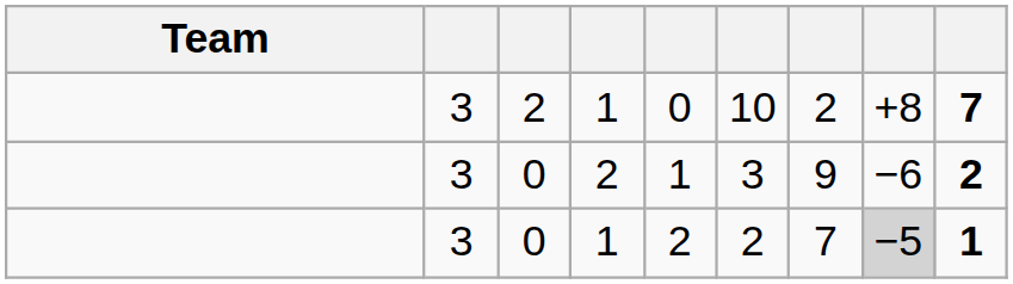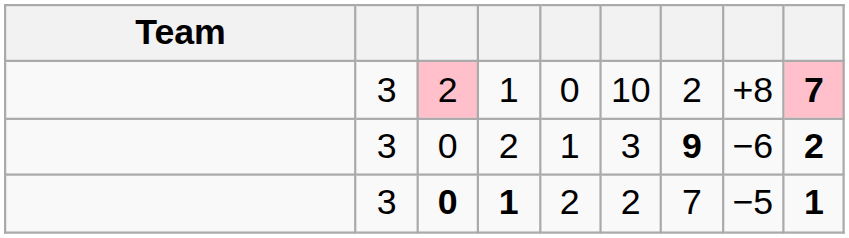 <table class="wikitable" style="text-align:center;">
 <tr>
 <th width=150>Team</th>
 <th width=20 abbr="Played"></th>
 <th width=20 abbr="Won"></th>
 <th width=20 abbr="Drawn"></th>
 <th width=20 abbr="Lost"></th>
 <th width=20 abbr="Goals for"></th>
 <th width=20 abbr="Goals against"></th>
 <th width=20 abbr="Goal difference"></th>
 <th width=20 abbr="Points"></th>
 </tr>
 <tr>
 <td align="left"></td>
 <td>3</td>
-<td>2</td>
+<td style="background: pink;">2</td>
 <td>1</td>
 <td>0</td>
 <td>10</td>
 <td>2</td>
 <td>+8</td>
-<td><strong>7</strong></td>
+<td style="background: pink;"><strong>7</strong></td>
 </tr>
 <tr>
 <td align="left"></td>
 <td>3</td>
 <td>0</td>
 <td>2</td>
 <td>1</td>
 <td>3</td>
-<td>9</td>
+<td><strong>9</strong></td>
 <td>−6</td>
 <td><strong>2</strong></td>
 </tr>
 <tr>
 <td align="left"></td>
 <td>3</td>
-<td>0</td>
-<td>1</td>
+<td><strong>0</strong></td>
+<td><strong>1</strong></td>
 <td>2</td>
 <td>2</td>
 <td>7</td>
-<td style="background: lightgrey;">−5</td>
+<td>−5</td>
 <td><strong>1</strong></td>
 </tr>
 </table>
